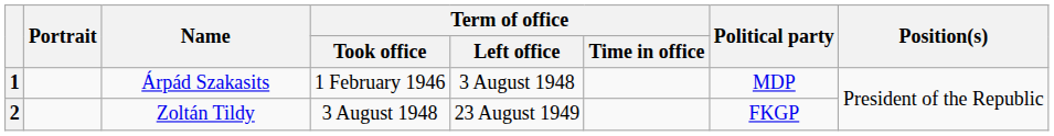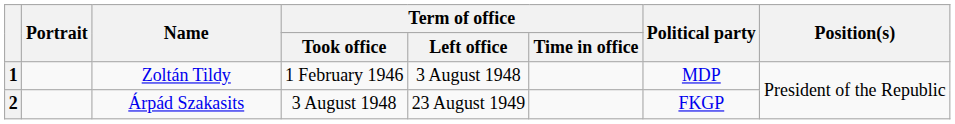 <table class="wikitable" style="text-align:center;">
 <tr>
 <th rowspan=2></th>
 <th rowspan=2>Portrait</th>
 <th width=20% rowspan=2>Name<br></th>
 <th colspan=3>Term of office</th>
 <th rowspan=2>Political party</th>
 <th rowspan=2>Position(s)</th>
 </tr>
 <tr>
 <th>Took office</th>
 <th>Left office</th>
 <th>Time in office</th>
 </tr>
 <tr>
 <th style="background-color:">1</th>
 <td></td>
-<td><a href='#'>Árpád Szakasits</a><br></td>
+<td><a href='#'>Zoltán Tildy</a><br></td>
 <td>1 February 1946</td>
 <td>3 August 1948</td>
 <td></td>
 <td><a href='#'>MDP</a></td>
 <td rowspan=2>President of the Republic</td>
 </tr>
 <tr>
 <th style="background-color:">2</th>
 <td></td>
-<td><a href='#'>Zoltán Tildy</a><br></td>
+<td><a href='#'>Árpád Szakasits</a><br></td>
 <td>3 August 1948</td>
 <td>23 August 1949</td>
 <td></td>
 <td><a href='#'>FKGP</a></td>
 </tr>
 </table>
